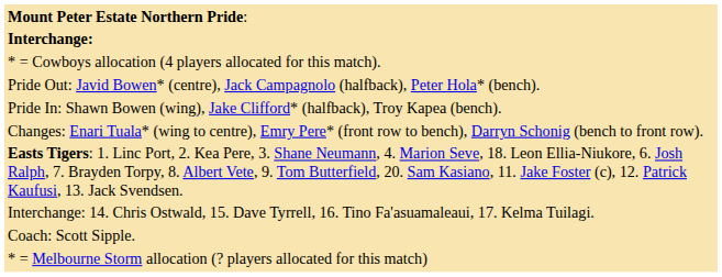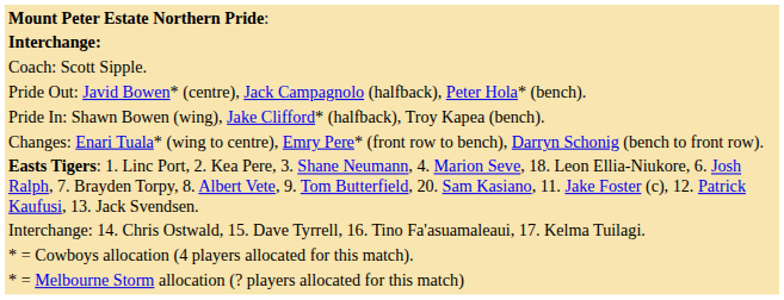 <table style="background:#f8e5af; font-size:85%; width:100%;">
 <tr>
 <td><strong>Mount Peter Estate Northern Pride</strong>:             </td>
 </tr>
 <tr>
 <td><strong>Interchange:    </strong></td>
 </tr>
 <tr>
-<td>* = Cowboys allocation (4 players allocated for this match).</td>
+<td>Coach: Scott Sipple.</td>
 </tr>
 <tr>
 <td>Pride Out: <a href='#'>Javid Bowen</a>* (centre), <a href='#'>Jack Campagnolo</a> (halfback), <a href='#'>Peter Hola</a>* (bench).</td>
 </tr>
 <tr>
 <td>Pride In: Shawn Bowen (wing), <a href='#'>Jake Clifford</a>* (halfback), Troy Kapea (bench).</td>
 </tr>
 <tr>
 <td>Changes: <a href='#'>Enari Tuala</a>* (wing to centre), <a href='#'>Emry Pere</a>* (front row to bench), <a href='#'>Darryn Schonig</a> (bench to front row).</td>
 </tr>
 <tr>
 <td><strong>Easts Tigers</strong>: 1. Linc Port, 2. Kea Pere, 3. <a href='#'>Shane Neumann</a>, 4. <a href='#'>Marion Seve</a>, 18. Leon Ellia-Niukore, 6. <a href='#'>Josh Ralph</a>, 7. Brayden Torpy, 8. <a href='#'>Albert Vete</a>, 9. <a href='#'>Tom Butterfield</a>, 20. <a href='#'>Sam Kasiano</a>, 11. <a href='#'>Jake Foster</a> (c), 12. <a href='#'>Patrick Kaufusi</a>, 13. Jack Svendsen.</td>
 </tr>
 <tr>
 <td>Interchange: 14. Chris Ostwald, 15. Dave Tyrrell, 16. Tino Fa'asuamaleaui, 17. Kelma Tuilagi.</td>
 </tr>
 <tr>
-<td>Coach: Scott Sipple.</td>
+<td>* = Cowboys allocation (4 players allocated for this match).</td>
 </tr>
 <tr>
 <td>* = <a href='#'>Melbourne Storm</a> allocation (? players allocated for this match)</td>
 </tr>
 </table>
